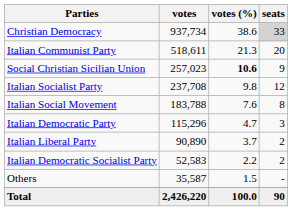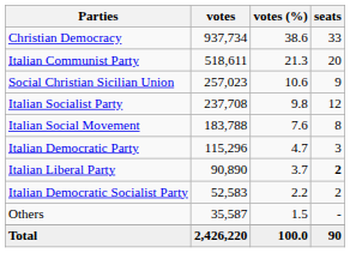 <table class="wikitable" style="font-size:95%">
 <tr bgcolor="EFEFEF">
 <th>Parties</th>
 <th>votes</th>
 <th>votes (%)</th>
 <th>seats</th>
 </tr>
 <tr>
 <td><a href='#'>Christian Democracy</a></td>
 <td align=right>937,734</td>
 <td align=right>38.6</td>
-<td align=right style="background: lightgrey;">33</td>
+<td align=right>33</td>
 </tr>
 <tr>
 <td><a href='#'>Italian Communist Party</a></td>
 <td align=right>518,611</td>
 <td align=right>21.3</td>
 <td align=right>20</td>
 </tr>
 <tr>
 <td><a href='#'>Social Christian Sicilian Union</a></td>
 <td align=right>257,023</td>
-<td align=right><strong>10.6</strong></td>
+<td align=right>10.6</td>
 <td align=right>9</td>
 </tr>
 <tr>
 <td><a href='#'>Italian Socialist Party</a></td>
 <td align=right>237,708</td>
 <td align=right>9.8</td>
 <td align=right>12</td>
 </tr>
 <tr>
 <td><a href='#'>Italian Social Movement</a></td>
 <td align=right>183,788</td>
 <td align=right>7.6</td>
 <td align=right>8</td>
 </tr>
 <tr>
 <td><a href='#'>Italian Democratic Party</a></td>
 <td align=right>115,296</td>
 <td align=right>4.7</td>
 <td align=right>3</td>
 </tr>
 <tr>
 <td><a href='#'>Italian Liberal Party</a></td>
 <td align=right>90,890</td>
 <td align=right>3.7</td>
-<td align=right>2</td>
+<td align=right><strong>2</strong></td>
 </tr>
 <tr>
 <td><a href='#'>Italian Democratic Socialist Party</a></td>
 <td align=right>52,583</td>
 <td align=right>2.2</td>
 <td align=right>2</td>
 </tr>
 <tr>
 <td>Others</td>
 <td align=right>35,587</td>
 <td align=right>1.5</td>
 <td align=right>-</td>
 </tr>
 <tr>
 </tr>
 <tr bgcolor="EFEFEF">
 <td><strong>Total</strong></td>
 <td align=right><strong>2,426,220</strong></td>
 <td align=right><strong>100.0</strong></td>
 <td align=right><strong>90</strong></td>
 </tr>
 </table>
